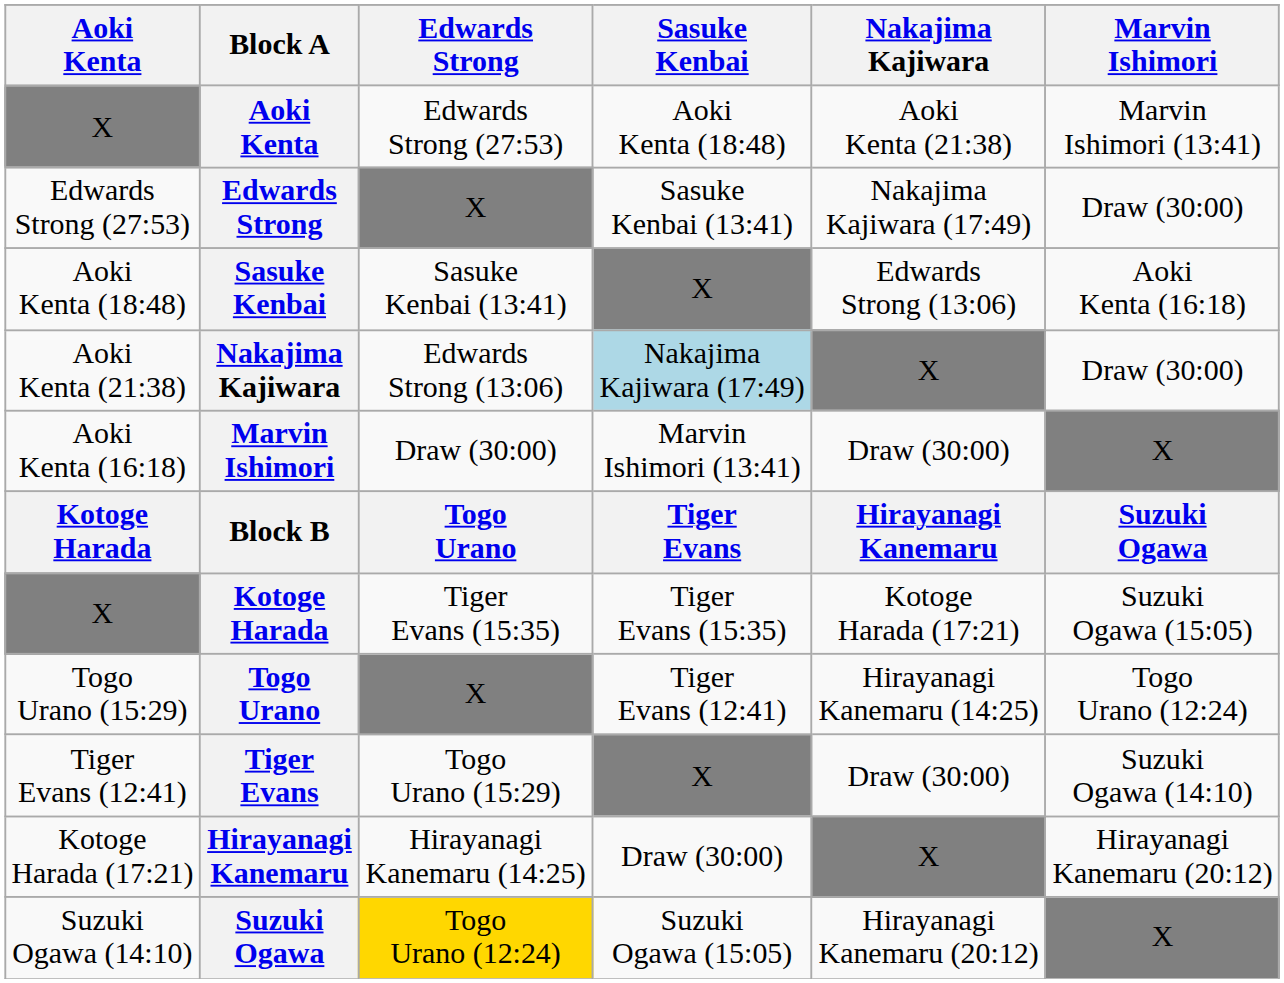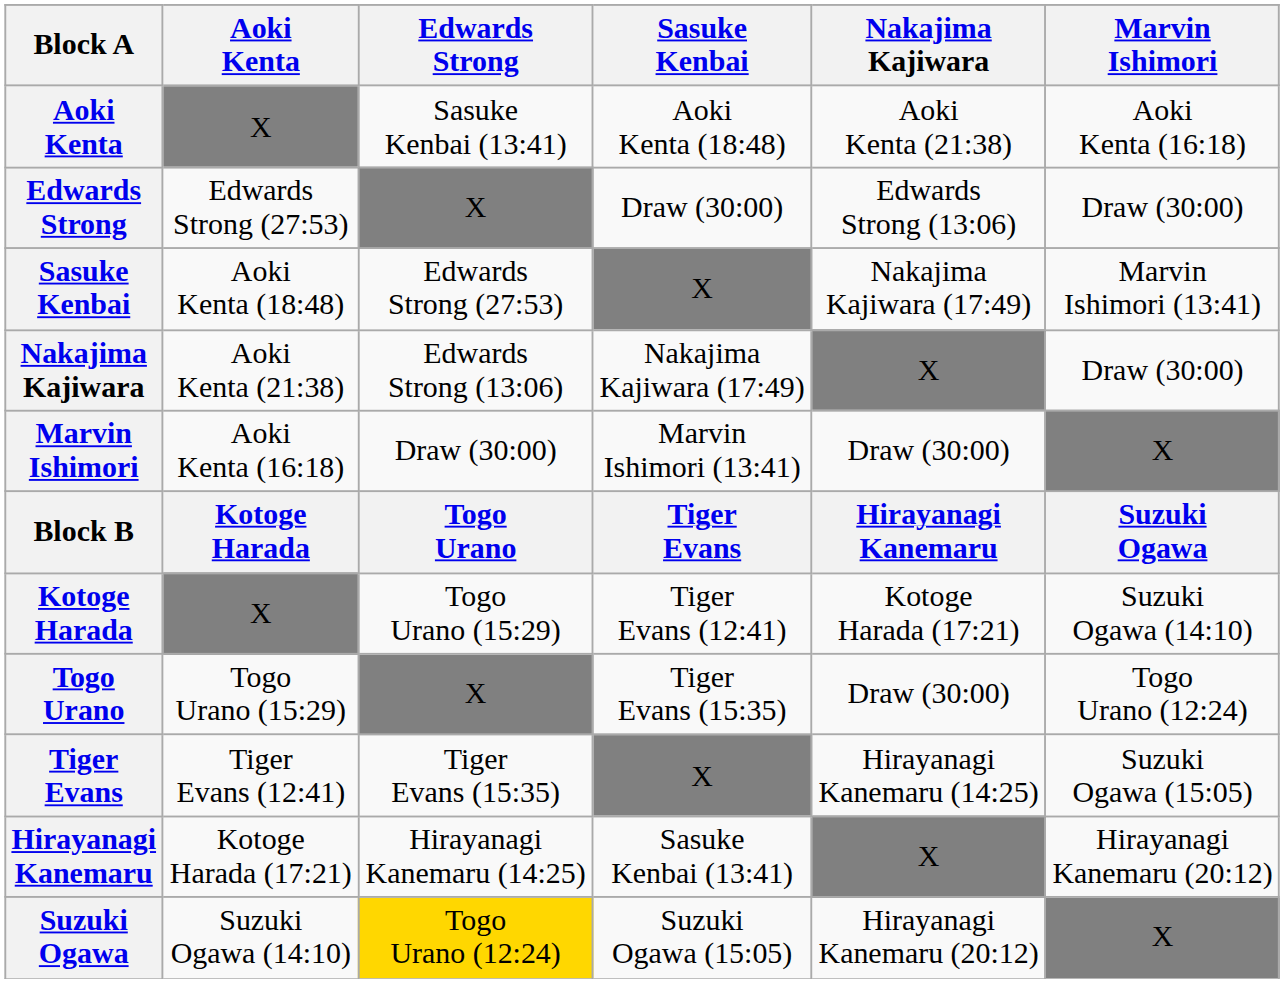 <table class="wikitable" style="margin: 1em auto 1em auto">
 <tr>
+<th>Block A</th>
 <th><a href='#'>Aoki</a><br><a href='#'>Kenta</a></th>
-<th>Block A</th>
 <th><a href='#'>Edwards</a><br><a href='#'>Strong</a></th>
 <th><a href='#'>Sasuke</a><br><a href='#'>Kenbai</a></th>
 <th><a href='#'>Nakajima</a><br>Kajiwara</th>
 <th><a href='#'>Marvin</a><br><a href='#'>Ishimori</a></th>
 </tr>
 <tr align="center">
+<th><a href='#'>Aoki</a><br><a href='#'>Kenta</a></th>
 <td bgcolor=Grey>X</td>
-<th><a href='#'>Aoki</a><br><a href='#'>Kenta</a></th>
-<td>Edwards<br>Strong (27:53)</td>
+<td>Sasuke<br>Kenbai (13:41)</td>
 <td>Aoki<br>Kenta (18:48)</td>
 <td>Aoki<br>Kenta (21:38)</td>
+<td>Aoki<br>Kenta (16:18)</td>
+</tr>
+<tr align="center">
+<th><a href='#'>Edwards</a><br><a href='#'>Strong</a></th>
+<td>Edwards<br>Strong (27:53)</td>
+<td bgcolor=Grey>X</td>
+<td>Draw (30:00)</td>
+<td>Edwards<br>Strong (13:06)</td>
+<td>Draw (30:00)</td>
+</tr>
+<tr align="center">
+<th><a href='#'>Sasuke</a><br><a href='#'>Kenbai</a></th>
+<td>Aoki<br>Kenta (18:48)</td>
+<td>Edwards<br>Strong (27:53)</td>
+<td bgcolor=Grey>X</td>
+<td>Nakajima<br>Kajiwara (17:49)</td>
 <td>Marvin<br>Ishimori (13:41)</td>
 </tr>
 <tr align="center">
-<td>Edwards<br>Strong (27:53)</td>
-<th><a href='#'>Edwards</a><br><a href='#'>Strong</a></th>
-<td bgcolor=Grey>X</td>
-<td>Sasuke<br>Kenbai (13:41)</td>
+<th><a href='#'>Nakajima</a><br>Kajiwara</th>
+<td>Aoki<br>Kenta (21:38)</td>
+<td>Edwards<br>Strong (13:06)</td>
 <td>Nakajima<br>Kajiwara (17:49)</td>
-<td>Draw (30:00)</td>
-</tr>
-<tr align="center">
-<td>Aoki<br>Kenta (18:48)</td>
-<th><a href='#'>Sasuke</a><br><a href='#'>Kenbai</a></th>
-<td>Sasuke<br>Kenbai (13:41)</td>
-<td bgcolor=Grey>X</td>
-<td>Edwards<br>Strong (13:06)</td>
-<td>Aoki<br>Kenta (16:18)</td>
-</tr>
-<tr align="center">
-<td>Aoki<br>Kenta (21:38)</td>
-<th><a href='#'>Nakajima</a><br>Kajiwara</th>
-<td>Edwards<br>Strong (13:06)</td>
-<td style="background: lightblue;">Nakajima<br>Kajiwara (17:49)</td>
 <td bgcolor=Grey>X</td>
 <td>Draw (30:00)</td>
 </tr>
 <tr align="center">
+<th><a href='#'>Marvin</a><br><a href='#'>Ishimori</a></th>
 <td>Aoki<br>Kenta (16:18)</td>
-<th><a href='#'>Marvin</a><br><a href='#'>Ishimori</a></th>
 <td>Draw (30:00)</td>
 <td>Marvin<br>Ishimori (13:41)</td>
 <td>Draw (30:00)</td>
 <td bgcolor=Grey>X</td>
 </tr>
 <tr align="center">
+<th>Block B</th>
 <th><a href='#'>Kotoge</a><br><a href='#'>Harada</a></th>
-<th>Block B</th>
 <th><a href='#'>Togo</a><br><a href='#'>Urano</a></th>
 <th><a href='#'>Tiger</a><br><a href='#'>Evans</a></th>
 <th><a href='#'>Hirayanagi</a><br><a href='#'>Kanemaru</a></th>
 <th><a href='#'>Suzuki</a><br><a href='#'>Ogawa</a></th>
 </tr>
 <tr align="center">
+<th><a href='#'>Kotoge</a><br><a href='#'>Harada</a></th>
 <td bgcolor=Grey>X</td>
-<th><a href='#'>Kotoge</a><br><a href='#'>Harada</a></th>
+<td>Togo<br>Urano (15:29)</td>
+<td>Tiger<br>Evans (12:41)</td>
+<td>Kotoge<br>Harada (17:21)</td>
+<td>Suzuki<br>Ogawa (14:10)</td>
+</tr>
+<tr align="center">
+<th><a href='#'>Togo</a><br><a href='#'>Urano</a></th>
+<td>Togo<br>Urano (15:29)</td>
+<td bgcolor=Grey>X</td>
 <td>Tiger<br>Evans (15:35)</td>
+<td>Draw (30:00)</td>
+<td>Togo<br>Urano (12:24)</td>
+</tr>
+<tr align="center">
+<th><a href='#'>Tiger</a><br><a href='#'>Evans</a></th>
+<td>Tiger<br>Evans (12:41)</td>
 <td>Tiger<br>Evans (15:35)</td>
-<td>Kotoge<br>Harada (17:21)</td>
+<td bgcolor=Grey>X</td>
+<td>Hirayanagi<br>Kanemaru (14:25)</td>
 <td>Suzuki<br>Ogawa (15:05)</td>
 </tr>
 <tr align="center">
-<td>Togo<br>Urano (15:29)</td>
-<th><a href='#'>Togo</a><br><a href='#'>Urano</a></th>
-<td bgcolor=Grey>X</td>
-<td>Tiger<br>Evans (12:41)</td>
+<th><a href='#'>Hirayanagi</a><br><a href='#'>Kanemaru</a></th>
+<td>Kotoge<br>Harada (17:21)</td>
 <td>Hirayanagi<br>Kanemaru (14:25)</td>
-<td>Togo<br>Urano (12:24)</td>
-</tr>
-<tr align="center">
-<td>Tiger<br>Evans (12:41)</td>
-<th><a href='#'>Tiger</a><br><a href='#'>Evans</a></th>
-<td>Togo<br>Urano (15:29)</td>
-<td bgcolor=Grey>X</td>
-<td>Draw (30:00)</td>
-<td>Suzuki<br>Ogawa (14:10)</td>
-</tr>
-<tr align="center">
-<td>Kotoge<br>Harada (17:21)</td>
-<th><a href='#'>Hirayanagi</a><br><a href='#'>Kanemaru</a></th>
-<td>Hirayanagi<br>Kanemaru (14:25)</td>
-<td>Draw (30:00)</td>
+<td>Sasuke<br>Kenbai (13:41)</td>
 <td bgcolor=Grey>X</td>
 <td>Hirayanagi<br>Kanemaru (20:12)</td>
 </tr>
 <tr align="center">
+<th><a href='#'>Suzuki</a><br><a href='#'>Ogawa</a></th>
 <td>Suzuki<br>Ogawa (14:10)</td>
-<th><a href='#'>Suzuki</a><br><a href='#'>Ogawa</a></th>
 <td style="background: gold;">Togo<br>Urano (12:24)</td>
 <td>Suzuki<br>Ogawa (15:05)</td>
 <td>Hirayanagi<br>Kanemaru (20:12)</td>
 <td bgcolor=Grey>X</td>
 </tr>
 </table>
